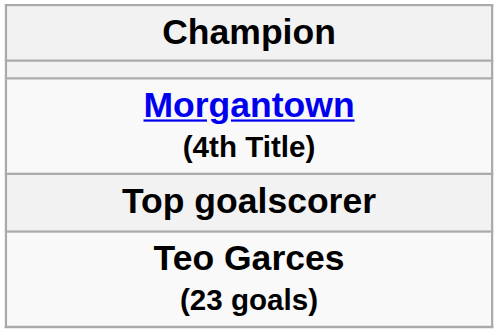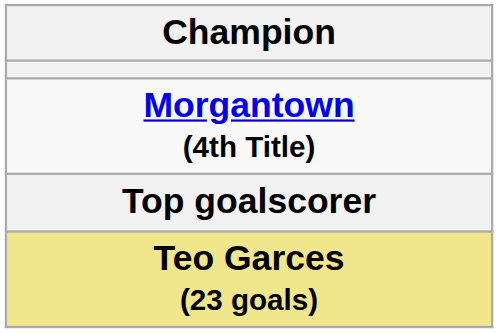 <table class="wikitable" style="margin: 0 auto; width: 220px;">
 <tr>
 <th>Champion</th>
 </tr>
 <tr>
 <th></th>
 </tr>
 <tr>
 <td align="center"><strong><a href='#'>Morgantown</a></strong><br><small><strong>(4th Title)</strong></small></td>
 </tr>
 <tr>
 <th>Top goalscorer</th>
 </tr>
 <tr>
-<td align="center"><strong>Teo Garces</strong><br><small><strong>(23 goals)</strong></small></td>
+<td align="center" style="background: khaki;"><strong>Teo Garces</strong><br><small><strong>(23 goals)</strong></small></td>
 </tr>
 <tr>
 </tr>
 </table>
